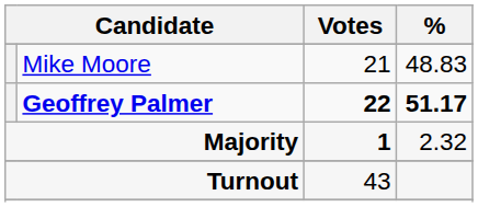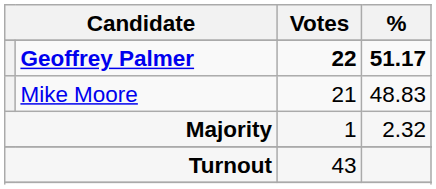 <table class="wikitable" style="font-size: 95%;">
 <tr style="background-color:#E9E9E9">
 <th colspan="2" style="width: 170px">Candidate</th>
 <th style="width: 50px">Votes</th>
 <th style="width: 40px">%</th>
 </tr>
 <tr>
 </tr>
 <tr>
 <th style="background-color: "></th>
+<td style="width: 170px"><strong><a href='#'>Geoffrey Palmer</a></strong></td>
+<td align="right"><strong>22</strong></td>
+<td align="right"><strong>51.17</strong></td>
+</tr>
+<tr>
+<th style="background-color: "></th>
 <td style="width: 170px"><a href='#'>Mike Moore</a></td>
 <td align="right">21</td>
 <td align="right">48.83</td>
 </tr>
-<tr>
-<th style="background-color: "></th>
-<td style="width: 170px"><strong><a href='#'>Geoffrey Palmer</a></strong></td>
-<td align="right"><strong>22</strong></td>
-<td align="right"><strong>51.17</strong></td>
-</tr>
 <tr style="background-color:#F6F6F6">
 <td colspan="2" align="right"><strong>Majority</strong></td>
-<td align="right"><strong>1</strong></td>
+<td align="right">1</td>
 <td align="right">2.32</td>
 </tr>
 <tr>
 </tr>
 <tr style="background-color:#F6F6F6">
 <td colspan="2" align="right"><strong>Turnout</strong></td>
 <td align="right">43</td>
 <td></td>
 </tr>
 <tr>
 </tr>
 <tr style="background-color:#F6F6F6">
 </tr>
 </table>
